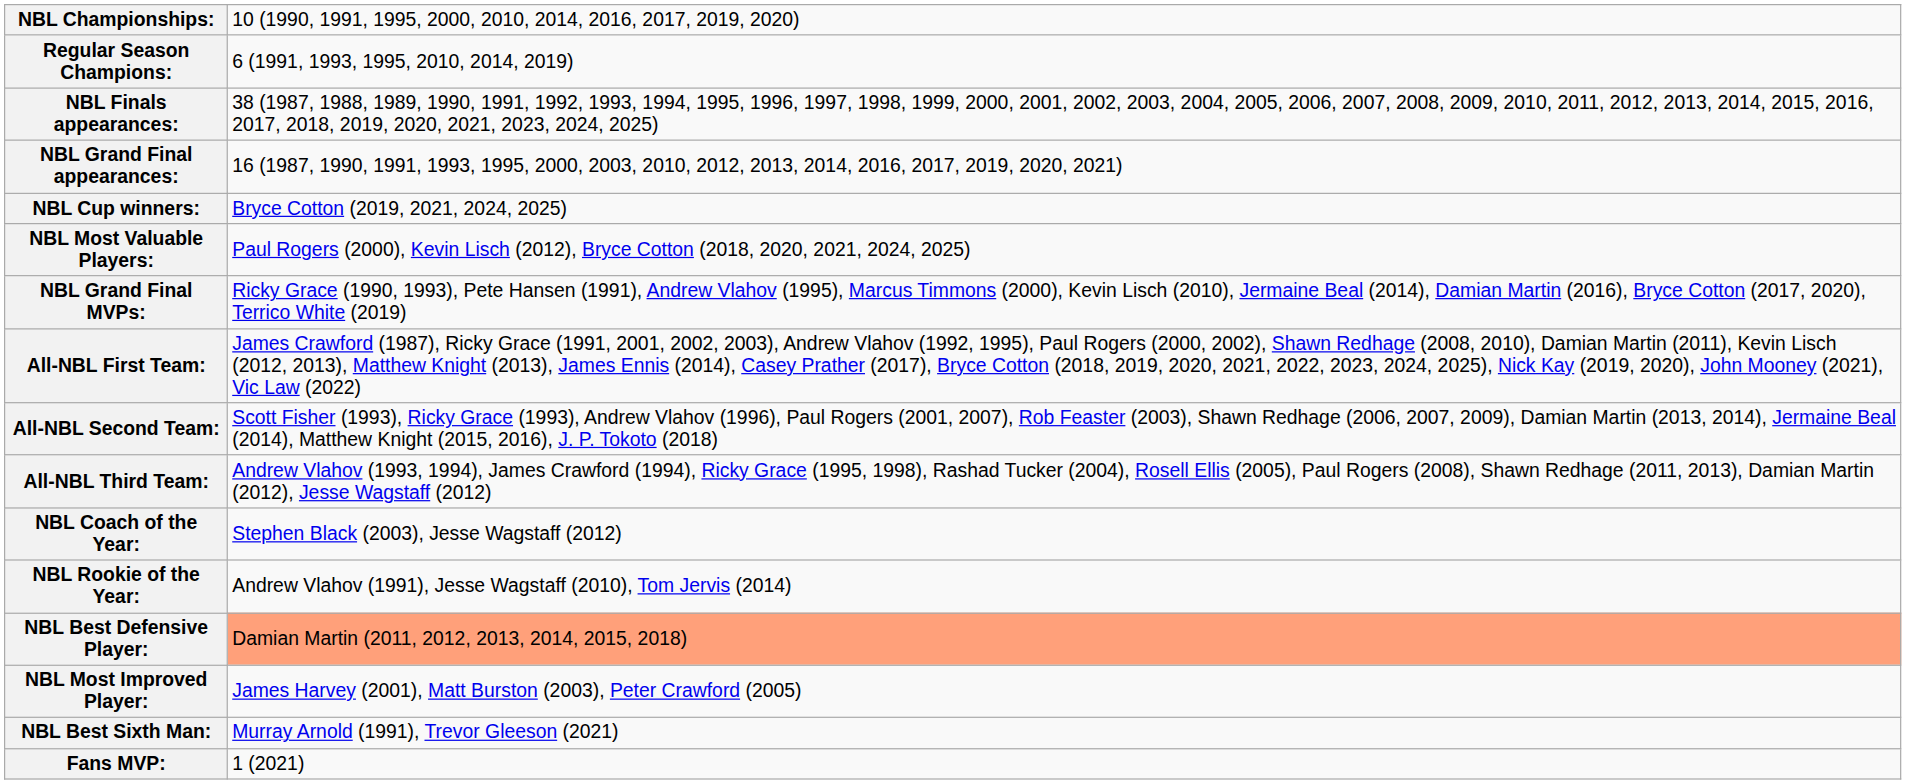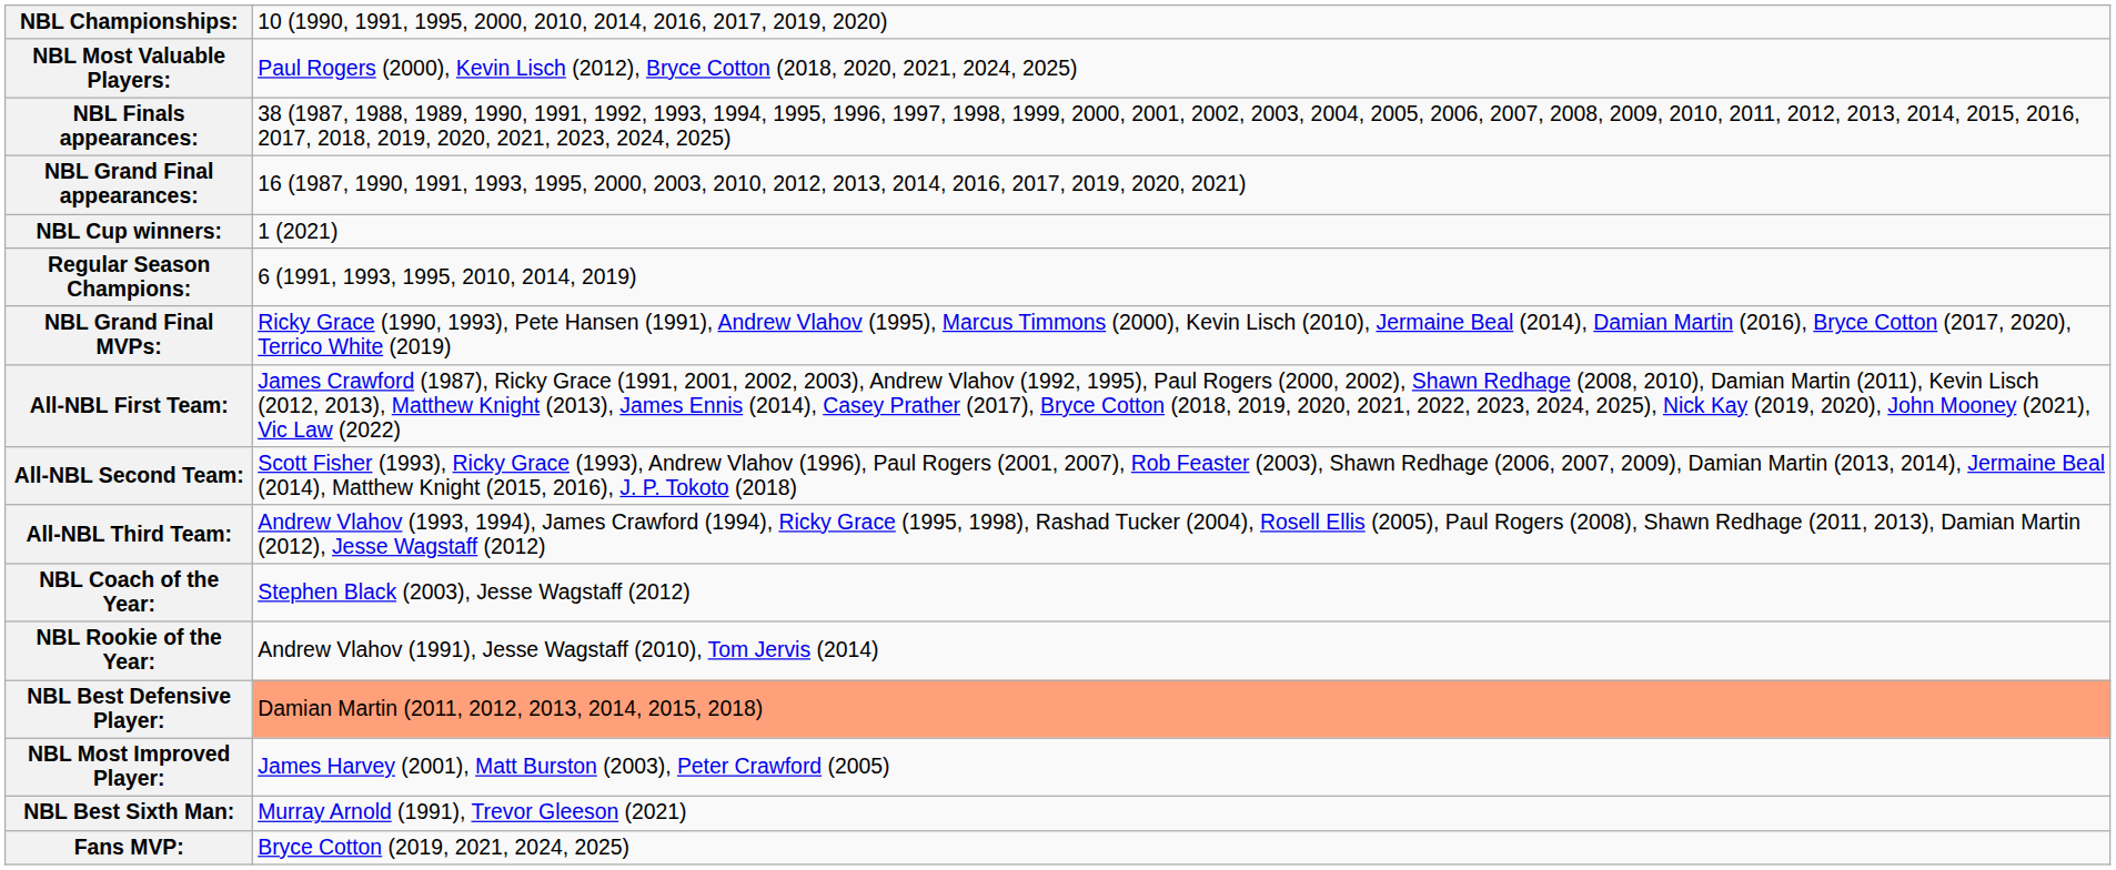 <table class="wikitable">
 <tr align=left>
 <th>NBL Championships:</th>
 <td>10 (1990, 1991, 1995, 2000, 2010, 2014, 2016, 2017, 2019, 2020)</td>
 </tr>
 <tr>
-<th>Regular Season Champions:</th>
-<td>6 (1991, 1993, 1995, 2010, 2014, 2019)</td>
+<th>NBL Most Valuable Players:</th>
+<td><a href='#'>Paul Rogers</a> (2000), <a href='#'>Kevin Lisch</a> (2012), <a href='#'>Bryce Cotton</a> (2018, 2020, 2021, 2024, 2025)</td>
 </tr>
 <tr>
 <th>NBL Finals appearances:</th>
 <td>38 (1987, 1988, 1989, 1990, 1991, 1992, 1993, 1994, 1995, 1996, 1997, 1998, 1999, 2000, 2001, 2002, 2003, 2004, 2005, 2006, 2007, 2008, 2009, 2010, 2011, 2012, 2013, 2014, 2015, 2016, 2017, 2018, 2019, 2020, 2021, 2023, 2024, 2025)</td>
 </tr>
 <tr>
 <th>NBL Grand Final appearances:</th>
 <td>16 (1987, 1990, 1991, 1993, 1995, 2000, 2003, 2010, 2012, 2013, 2014, 2016, 2017, 2019, 2020, 2021)</td>
 </tr>
 <tr>
 <th>NBL Cup winners:</th>
-<td><a href='#'>Bryce Cotton</a> (2019, 2021, 2024, 2025)</td>
+<td>1 (2021)</td>
 </tr>
 <tr>
-<th>NBL Most Valuable Players:</th>
-<td><a href='#'>Paul Rogers</a> (2000), <a href='#'>Kevin Lisch</a> (2012), <a href='#'>Bryce Cotton</a> (2018, 2020, 2021, 2024, 2025)</td>
+<th>Regular Season Champions:</th>
+<td>6 (1991, 1993, 1995, 2010, 2014, 2019)</td>
 </tr>
 <tr>
 <th>NBL Grand Final MVPs:</th>
 <td><a href='#'>Ricky Grace</a> (1990, 1993), Pete Hansen (1991), <a href='#'>Andrew Vlahov</a> (1995), <a href='#'>Marcus Timmons</a> (2000), Kevin Lisch (2010), <a href='#'>Jermaine Beal</a> (2014), <a href='#'>Damian Martin</a> (2016), <a href='#'>Bryce Cotton</a> (2017, 2020), <a href='#'>Terrico White</a> (2019)</td>
 </tr>
 <tr>
 <th>All-NBL First Team:</th>
 <td><a href='#'>James Crawford</a> (1987), Ricky Grace (1991, 2001, 2002, 2003), Andrew Vlahov (1992, 1995), Paul Rogers (2000, 2002), <a href='#'>Shawn Redhage</a> (2008, 2010), Damian Martin (2011), Kevin Lisch (2012, 2013), <a href='#'>Matthew Knight</a> (2013), <a href='#'>James Ennis</a> (2014), <a href='#'>Casey Prather</a> (2017), <a href='#'>Bryce Cotton</a> (2018, 2019, 2020, 2021, 2022, 2023, 2024, 2025), <a href='#'>Nick Kay</a> (2019, 2020), <a href='#'>John Mooney</a> (2021), <a href='#'>Vic Law</a> (2022)</td>
 </tr>
 <tr>
 <th>All-NBL Second Team:</th>
 <td><a href='#'>Scott Fisher</a> (1993), <a href='#'>Ricky Grace</a> (1993), Andrew Vlahov (1996), Paul Rogers (2001, 2007), <a href='#'>Rob Feaster</a> (2003), Shawn Redhage (2006, 2007, 2009), Damian Martin (2013, 2014), <a href='#'>Jermaine Beal</a> (2014), Matthew Knight (2015, 2016), <a href='#'>J. P. Tokoto</a> (2018)</td>
 </tr>
 <tr>
 <th>All-NBL Third Team:</th>
 <td><a href='#'>Andrew Vlahov</a> (1993, 1994), James Crawford (1994), <a href='#'>Ricky Grace</a> (1995, 1998), Rashad Tucker (2004), <a href='#'>Rosell Ellis</a> (2005), Paul Rogers (2008), Shawn Redhage (2011, 2013), Damian Martin (2012), <a href='#'>Jesse Wagstaff</a> (2012)</td>
 </tr>
 <tr>
 <th>NBL Coach of the Year:</th>
 <td><a href='#'>Stephen Black</a> (2003), Jesse Wagstaff (2012)</td>
 </tr>
 <tr>
 <th>NBL Rookie of the Year:</th>
 <td>Andrew Vlahov (1991), Jesse Wagstaff (2010), <a href='#'>Tom Jervis</a> (2014)</td>
 </tr>
 <tr>
 <th>NBL Best Defensive Player:</th>
 <td style="background: lightsalmon;">Damian Martin (2011, 2012, 2013, 2014, 2015, 2018)</td>
 </tr>
 <tr>
 <th>NBL Most Improved Player:</th>
 <td><a href='#'>James Harvey</a> (2001), <a href='#'>Matt Burston</a> (2003), <a href='#'>Peter Crawford</a> (2005)</td>
 </tr>
 <tr>
 <th>NBL Best Sixth Man:</th>
 <td><a href='#'>Murray Arnold</a> (1991), <a href='#'>Trevor Gleeson</a> (2021)</td>
 </tr>
 <tr>
 <th>Fans MVP:</th>
-<td>1 (2021)</td>
+<td><a href='#'>Bryce Cotton</a> (2019, 2021, 2024, 2025)</td>
 </tr>
 </table>
